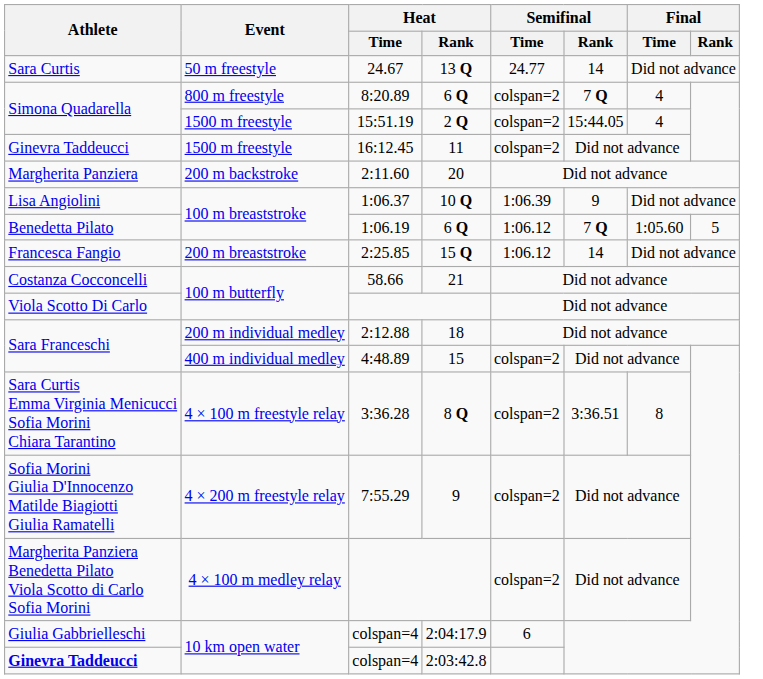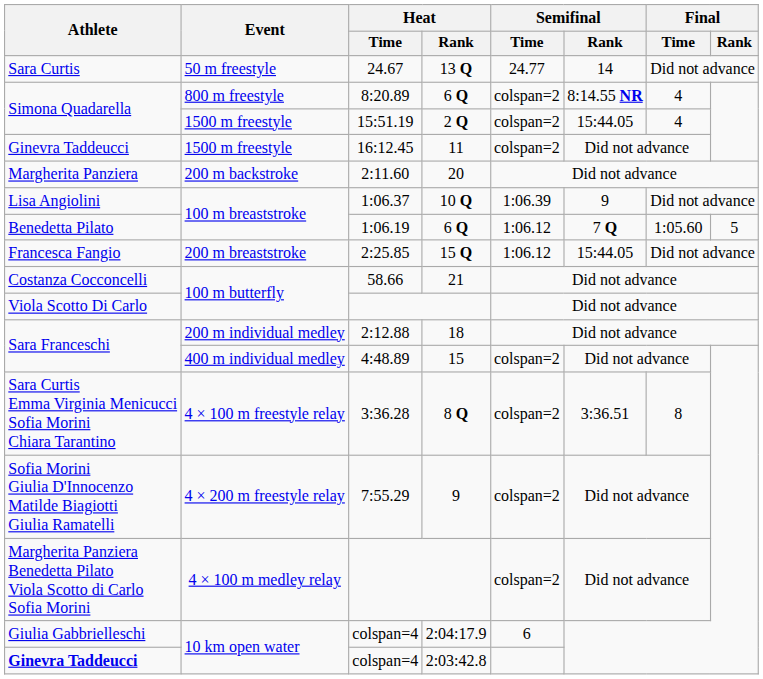 <table class=wikitable style="font-size:90%;">
 <tr>
 <th rowspan=2>Athlete</th>
 <th rowspan=2>Event</th>
 <th colspan=2>Heat</th>
 <th colspan=2>Semifinal</th>
 <th colspan=2>Final</th>
 </tr>
 <tr style="font-size:95%">
 <th>Time</th>
 <th>Rank</th>
 <th>Time</th>
 <th>Rank</th>
 <th>Time</th>
 <th>Rank</th>
 </tr>
 <tr align=center>
 <td align=left><a href='#'>Sara Curtis</a></td>
 <td align=left><a href='#'>50 m freestyle</a></td>
 <td>24.67</td>
 <td>13 <strong>Q</strong></td>
 <td>24.77</td>
 <td>14</td>
 <td colspan=2>Did not advance</td>
 </tr>
 <tr align=center>
 <td align=left rowspan=2><a href='#'>Simona Quadarella</a></td>
 <td align=left><a href='#'>800 m freestyle</a></td>
 <td>8:20.89</td>
 <td>6 <strong>Q</strong></td>
 <td>colspan=2 </td>
-<td>7 <strong>Q</strong></td>
+<td>8:14.55 <strong><a href='#'>NR</a></strong></td>
 <td>4</td>
 </tr>
 <tr align=center>
 <td align=left><a href='#'>1500 m freestyle</a></td>
 <td>15:51.19</td>
 <td>2 <strong>Q</strong></td>
 <td>colspan=2 </td>
 <td>15:44.05</td>
 <td>4</td>
 </tr>
 <tr align=center>
 <td align=left><a href='#'>Ginevra Taddeucci</a></td>
 <td align=left><a href='#'>1500 m freestyle</a></td>
 <td>16:12.45</td>
 <td>11</td>
 <td>colspan=2 </td>
 <td colspan=2>Did not advance</td>
 </tr>
 <tr align=center>
 <td align=left><a href='#'>Margherita Panziera</a></td>
 <td align=left><a href='#'>200 m backstroke</a></td>
 <td>2:11.60</td>
 <td>20</td>
 <td colspan=4>Did not advance</td>
 </tr>
 <tr align=center>
 <td align=left><a href='#'>Lisa Angiolini</a></td>
 <td align=left rowspan=2><a href='#'>100 m breaststroke</a></td>
 <td>1:06.37</td>
 <td>10 <strong>Q</strong></td>
 <td>1:06.39</td>
 <td>9</td>
 <td colspan=2>Did not advance</td>
 </tr>
 <tr align=center>
 <td align=left><a href='#'>Benedetta Pilato</a></td>
 <td>1:06.19</td>
 <td>6 <strong>Q</strong></td>
 <td>1:06.12</td>
 <td>7 <strong>Q</strong></td>
 <td>1:05.60</td>
 <td>5</td>
 </tr>
 <tr align=center>
 <td align=left><a href='#'>Francesca Fangio</a></td>
 <td align=left><a href='#'>200 m breaststroke</a></td>
 <td>2:25.85</td>
 <td>15 <strong>Q</strong></td>
 <td>1:06.12</td>
-<td>14</td>
+<td>15:44.05</td>
 <td colspan=2>Did not advance</td>
 </tr>
 <tr align=center>
 <td align=left><a href='#'>Costanza Cocconcelli</a></td>
 <td rowspan="2" align="left"><a href='#'>100 m butterfly</a></td>
 <td>58.66</td>
 <td>21</td>
 <td colspan=4>Did not advance</td>
 </tr>
 <tr align=center>
 <td align=left><a href='#'>Viola Scotto Di Carlo</a></td>
 <td colspan="2"></td>
 <td colspan=4>Did not advance</td>
 </tr>
 <tr align=center>
 <td rowspan="2" align="left"><a href='#'>Sara Franceschi</a></td>
 <td align=left><a href='#'>200 m individual medley</a></td>
 <td>2:12.88</td>
 <td>18</td>
 <td colspan=4>Did not advance</td>
 </tr>
 <tr align=center>
 <td align=left><a href='#'>400 m individual medley</a></td>
 <td>4:48.89</td>
 <td>15</td>
 <td>colspan=2 </td>
 <td colspan=2>Did not advance</td>
 </tr>
 <tr align=center>
 <td align=left><a href='#'>Sara Curtis</a><br><a href='#'>Emma Virginia Menicucci</a><br><a href='#'>Sofia Morini</a><br><a href='#'>Chiara Tarantino</a></td>
 <td align=left><a href='#'>4 × 100 m freestyle relay</a></td>
 <td>3:36.28</td>
 <td>8 <strong>Q</strong></td>
 <td>colspan=2 </td>
 <td>3:36.51</td>
 <td>8</td>
 </tr>
 <tr align=center>
 <td align=left><a href='#'>Sofia Morini</a><br><a href='#'>Giulia D'Innocenzo</a><br><a href='#'>Matilde Biagiotti</a><br><a href='#'>Giulia Ramatelli</a></td>
 <td><a href='#'>4 × 200 m freestyle relay</a></td>
 <td>7:55.29</td>
 <td>9</td>
 <td>colspan=2 </td>
 <td colspan=2>Did not advance</td>
 </tr>
 <tr align=center>
 <td align=left><a href='#'>Margherita Panziera</a><br><a href='#'>Benedetta Pilato</a><br><a href='#'>Viola Scotto di Carlo</a><br><a href='#'>Sofia Morini</a></td>
 <td><a href='#'>4 × 100 m medley relay</a></td>
 <td colspan=2></td>
 <td>colspan=2</td>
 <td colspan=2>Did not advance</td>
 </tr>
 <tr align=center>
 <td align=left><a href='#'>Giulia Gabbrielleschi</a></td>
 <td rowspan="2" align="left"><a href='#'>10 km open water</a></td>
 <td>colspan=4 </td>
 <td>2:04:17.9</td>
 <td>6</td>
 </tr>
 <tr align=center>
 <td align=left><strong><a href='#'>Ginevra Taddeucci</a></strong></td>
 <td>colspan=4 </td>
 <td>2:03:42.8</td>
 <td></td>
 </tr>
 </table>
